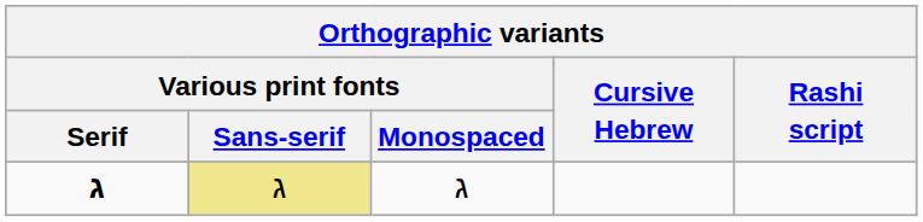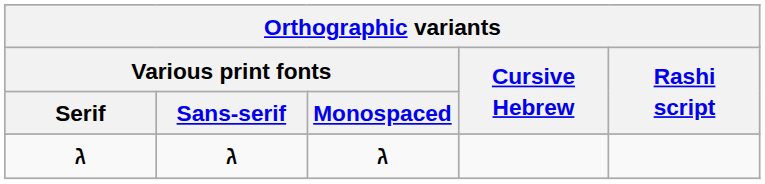 <table class="wikitable" style="text-align:center;">
 <tr>
 <th colspan="5"><small><a href='#'>Orthographic</a> variants</small></th>
 </tr>
 <tr>
 <th colspan="3"><small>Various print fonts</small></th>
 <th rowspan="2"><small><a href='#'>Cursive<br>Hebrew</a></small></th>
 <th rowspan="2"><small><a href='#'>Rashi<br>script</a></small></th>
 </tr>
 <tr>
 <th><small>Serif</small></th>
 <th><small><a href='#'>Sans-serif</a></small></th>
 <th><small><a href='#'>Monospaced</a></small></th>
 </tr>
 <tr>
-<td width="20%"><strong><span>ג</span></strong></td>
-<td width="20%" style="background: khaki;"><span>ג</span></td>
+<td width="20%"><span>ג</span></td>
+<td width="20%"><span>ג</span></td>
 <td width="20%"><span>ג</span></td>
 <td width="20%"></td>
 <td width="20%"></td>
 </tr>
 </table>
